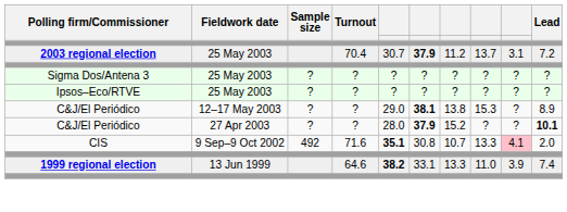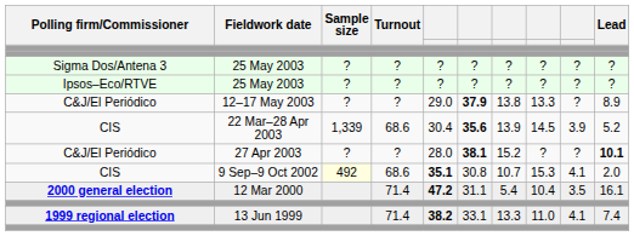 <table class="wikitable collapsible collapsed" style="text-align:center; font-size:95%; line-height:16px;">
 <tr style="height:42px;">
 <th style="width:250px;" rowspan="2">Polling firm/Commissioner</th>
 <th style="width:125px;" rowspan="2">Fieldwork date</th>
 <th style="width:50px;" rowspan="2">Sample size</th>
 <th style="width:45px;" rowspan="2">Turnout</th>
 <th style="width:35px;"></th>
 <th style="width:35px;"></th>
 <th style="width:35px;"></th>
 <th style="width:35px;"></th>
 <th style="width:35px;"></th>
 <th style="width:30px;" rowspan="2">Lead</th>
 </tr>
 <tr>
 <th style="color:inherit;background:"></th>
 <th style="color:inherit;background:"></th>
 <th style="color:inherit;background:"></th>
 <th style="color:inherit;background:"></th>
 <th style="color:inherit;background:"></th>
 </tr>
 <tr>
 <td colspan="10" style="background:#A0A0A0"></td>
-</tr>
-<tr style="background:#EFEFEF;">
-<td><strong><a href='#'>2003 regional election</a></strong></td>
-<td>25 May 2003</td>
-<td></td>
-<td>70.4</td>
-<td>30.7<br></td>
-<td><strong>37.9</strong><br></td>
-<td>11.2<br></td>
-<td>13.7<br></td>
-<td>3.1<br></td>
-<td style="background:">7.2</td>
 </tr>
 <tr>
 <td colspan="10" style="background:#A0A0A0"></td>
 </tr>
 <tr style="background:#EAFFEA;">
 <td>Sigma Dos/Antena 3</td>
 <td>25 May 2003</td>
 <td>?</td>
 <td>?</td>
 <td>?<br></td>
 <td>?<br></td>
 <td>?<br></td>
 <td>?<br></td>
 <td>?<br></td>
 <td style="background:">?</td>
 </tr>
 <tr style="background:#EAFFEA;">
 <td>Ipsos–Eco/RTVE</td>
 <td>25 May 2003</td>
 <td>?</td>
 <td>?</td>
 <td>?<br></td>
 <td>?<br></td>
 <td>?<br></td>
 <td>?<br></td>
 <td>?<br></td>
 <td style="background:">?</td>
 </tr>
 <tr>
 <td>C&J/El Periódico</td>
 <td>12–17 May 2003</td>
 <td>?</td>
 <td>?</td>
 <td>29.0<br></td>
-<td><strong>38.1</strong><br></td>
+<td><strong>37.9</strong><br></td>
 <td>13.8<br></td>
-<td>15.3</td>
+<td>13.3<br></td>
 <td>?<br></td>
 <td style="background:">8.9</td>
+</tr>
+<tr>
+<td>CIS</td>
+<td>22 Mar–28 Apr 2003</td>
+<td>1,339</td>
+<td>68.6</td>
+<td>30.4<br></td>
+<td><strong>35.6</strong><br></td>
+<td>13.9<br></td>
+<td>14.5<br></td>
+<td>3.9<br></td>
+<td style="background:">5.2</td>
 </tr>
 <tr>
 <td>C&J/El Periódico</td>
 <td>27 Apr 2003</td>
 <td>?</td>
 <td>?</td>
 <td>28.0<br></td>
-<td><strong>37.9</strong><br></td>
+<td><strong>38.1</strong><br></td>
 <td>15.2<br></td>
 <td>?<br></td>
 <td>?<br></td>
 <td style="background:"><strong>10.1</strong></td>
 </tr>
 <tr>
 <td>CIS</td>
 <td>9 Sep–9 Oct 2002</td>
-<td>492</td>
-<td>71.6</td>
+<td style="background: lightyellow;">492</td>
+<td>68.6</td>
 <td><strong>35.1</strong></td>
 <td>30.8<br></td>
 <td>10.7</td>
-<td>13.3<br></td>
-<td style="background: pink;">4.1</td>
+<td>15.3</td>
+<td>4.1</td>
 <td style="background:">2.0</td>
+</tr>
+<tr style="background:#EFEFEF;">
+<td><strong><a href='#'>2000 general election</a></strong></td>
+<td>12 Mar 2000</td>
+<td></td>
+<td>71.4</td>
+<td><strong>47.2</strong><br></td>
+<td>31.1<br></td>
+<td>5.4<br></td>
+<td>10.4<br></td>
+<td>3.5<br></td>
+<td style="background:">16.1</td>
 </tr>
 <tr>
 <td colspan="10" style="background:#A0A0A0"></td>
 </tr>
 <tr style="background:#EFEFEF;">
 <td><strong><a href='#'>1999 regional election</a></strong></td>
 <td>13 Jun 1999</td>
 <td></td>
-<td>64.6</td>
+<td>71.4</td>
 <td><strong>38.2</strong><br></td>
 <td>33.1</td>
 <td>13.3<br></td>
 <td>11.0<br></td>
-<td>3.9<br></td>
+<td>4.1</td>
 <td style="background:">7.4</td>
 </tr>
 <tr>
 <td colspan="10" style="background:#A0A0A0"></td>
 </tr>
 </table>
